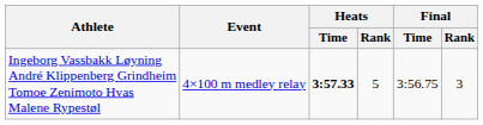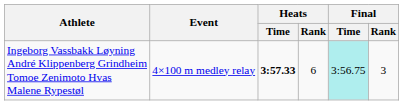 <table class=wikitable style="text-align:center;font-size:90%">
 <tr>
 <th rowspan=2>Athlete</th>
 <th rowspan=2>Event</th>
 <th colspan=2>Heats</th>
 <th colspan=2>Final</th>
 </tr>
 <tr style="font-size:95%">
 <th>Time</th>
 <th>Rank</th>
 <th>Time</th>
 <th>Rank</th>
 </tr>
 <tr>
 <td align=left><a href='#'>Ingeborg Vassbakk Løyning</a><br><a href='#'>André Klippenberg Grindheim</a><br><a href='#'>Tomoe Zenimoto Hvas</a><br><a href='#'>Malene Rypestøl</a></td>
 <td align=left><a href='#'>4×100 m medley relay</a></td>
 <td><strong>3:57.33</strong></td>
-<td>5</td>
-<td>3:56.75</td>
+<td>6</td>
+<td style="background: paleturquoise;">3:56.75</td>
 <td>3</td>
 </tr>
 </table>
